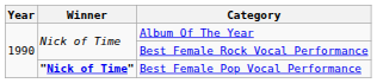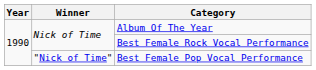 <table class="wikitable" border="1">
 <tr>
 <th align="left">Year</th>
 <th align="left">Winner</th>
 <th align="left">Category</th>
 </tr>
 <tr>
 <td style="text-align:left;" rowspan="3">1990</td>
 <td style="text-align:left;" rowspan="2"><em>Nick of Time</em></td>
 <td align="left"><a href='#'>Album Of The Year</a></td>
 </tr>
 <tr>
 <td align="left"><a href='#'>Best Female Rock Vocal Performance</a></td>
 </tr>
 <tr>
-<td align="left"><strong>"<a href='#'>Nick of Time</a>"</strong></td>
+<td align="left">"<a href='#'>Nick of Time</a>"</td>
 <td align="left"><a href='#'>Best Female Pop Vocal Performance</a></td>
 </tr>
 </table>
